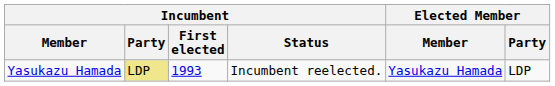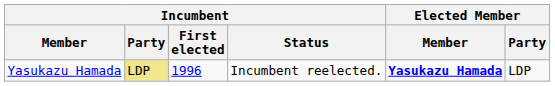 <table class="wikitable sortable">
 <tr>
 <th colspan=4>Incumbent</th>
 <th colspan=2>Elected Member</th>
 </tr>
 <tr>
 <th>Member</th>
 <th>Party</th>
 <th>First<br>elected</th>
 <th>Status</th>
 <th>Member</th>
 <th>Party</th>
 </tr>
 <tr>
 <td><a href='#'>Yasukazu Hamada</a></td>
 <td style="background: khaki;">LDP</td>
-<td><a href='#'>1993</a></td>
+<td><a href='#'>1996</a></td>
 <td>Incumbent reelected.</td>
-<td><a href='#'>Yasukazu Hamada</a></td>
+<td><strong><a href='#'>Yasukazu Hamada</a></strong></td>
 <td>LDP</td>
 </tr>
 </table>
